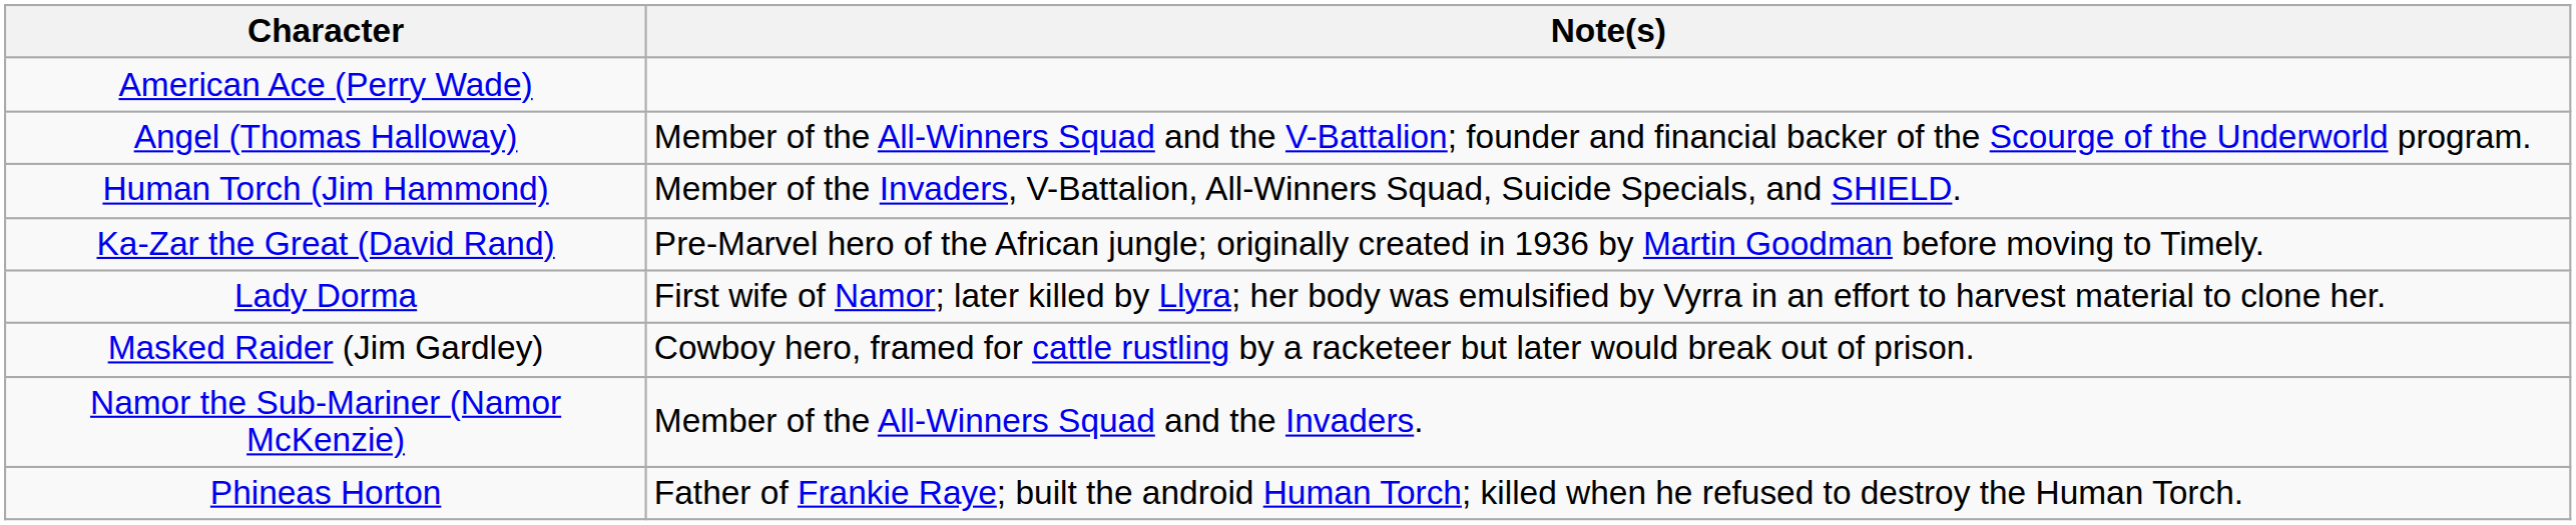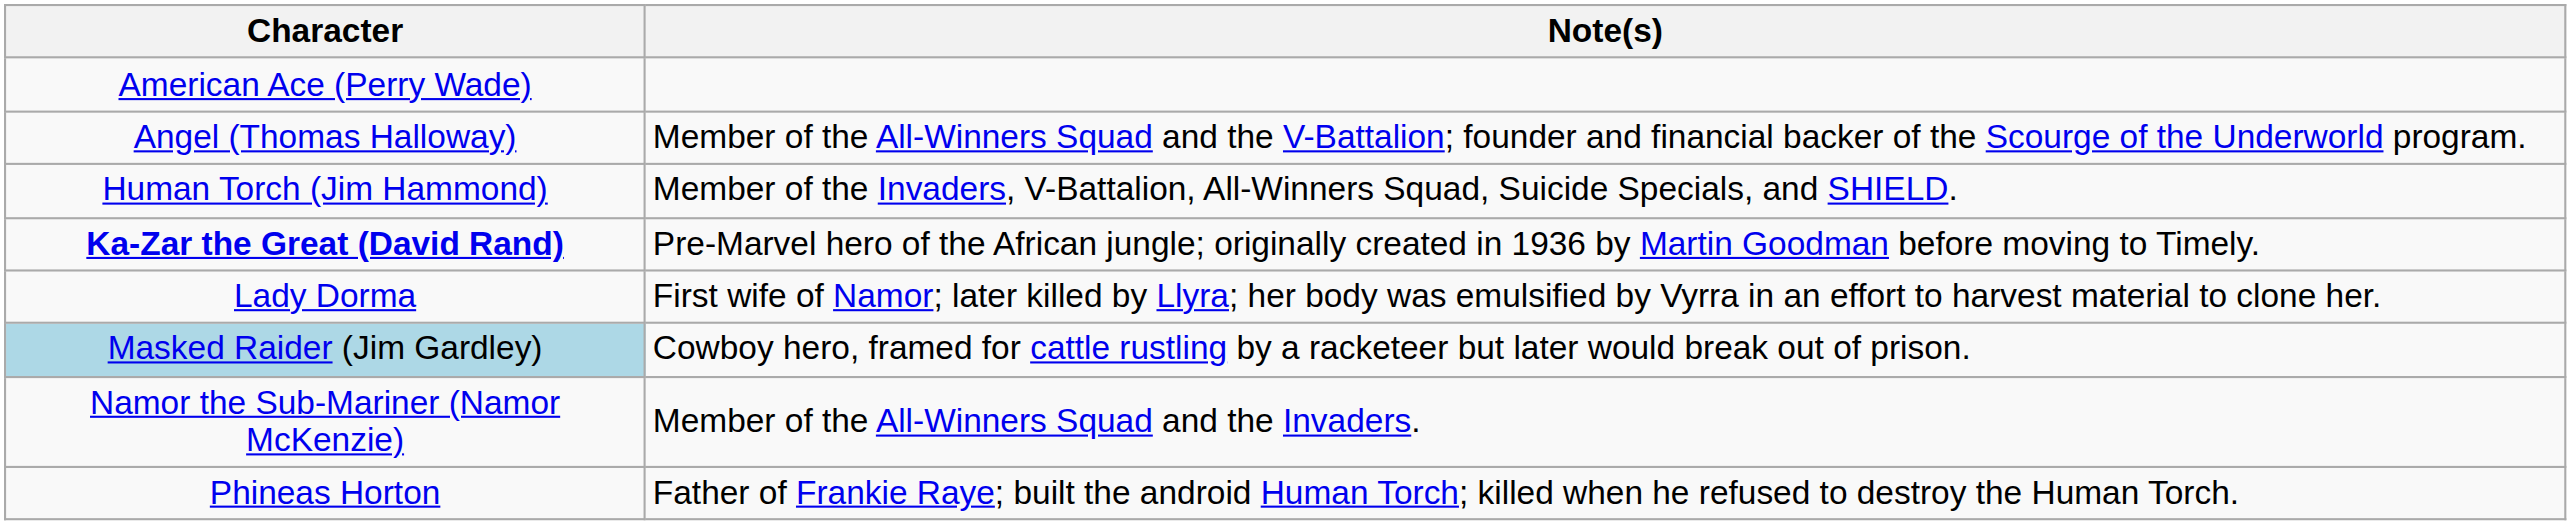 <table class="wikitable sortable" style="width:97%;">
 <tr>
 <th width=25%>Character</th>
 <th width=80%>Note(s)</th>
 </tr>
 <tr>
 <td align=center><a href='#'>American Ace (Perry Wade)</a></td>
 <td></td>
 </tr>
 <tr>
 <td align=center><a href='#'>Angel (Thomas Halloway)</a></td>
 <td>Member of the <a href='#'>All-Winners Squad</a> and the <a href='#'>V-Battalion</a>; founder and financial backer of the <a href='#'>Scourge of the Underworld</a> program.</td>
 </tr>
 <tr>
 <td align=center><a href='#'>Human Torch (Jim Hammond)</a></td>
 <td>Member of the <a href='#'>Invaders</a>, V-Battalion, All-Winners Squad, Suicide Specials, and <a href='#'>SHIELD</a>.</td>
 </tr>
 <tr>
-<td align=center><a href='#'>Ka-Zar the Great (David Rand)</a></td>
+<td align=center><strong><a href='#'>Ka-Zar the Great (David Rand)</a></strong></td>
 <td>Pre-Marvel hero of the African jungle; originally created in 1936 by <a href='#'>Martin Goodman</a> before moving to Timely.</td>
 </tr>
 <tr>
 <td align=center><a href='#'>Lady Dorma</a></td>
 <td>First wife of <a href='#'>Namor</a>; later killed by <a href='#'>Llyra</a>; her body was emulsified by Vyrra in an effort to harvest material to clone her.</td>
 </tr>
 <tr>
-<td align=center><a href='#'>Masked Raider</a> (Jim Gardley)</td>
+<td align=center style="background: lightblue;"><a href='#'>Masked Raider</a> (Jim Gardley)</td>
 <td>Cowboy hero, framed for <a href='#'>cattle rustling</a> by a racketeer but later would break out of prison.</td>
 </tr>
 <tr>
 <td align=center><a href='#'>Namor the Sub-Mariner (Namor McKenzie)</a></td>
 <td>Member of the <a href='#'>All-Winners Squad</a> and the <a href='#'>Invaders</a>.</td>
 </tr>
 <tr>
 <td align=center><a href='#'>Phineas Horton</a></td>
 <td>Father of <a href='#'>Frankie Raye</a>; built the android <a href='#'>Human Torch</a>; killed when he refused to destroy the Human Torch.</td>
 </tr>
 </table>
